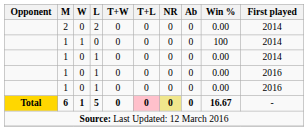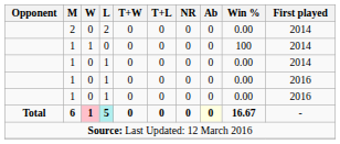 <table class="wikitable" style="text-align: center; width: 500px;">
 <tr>
 <th>Opponent</th>
 <th>M</th>
 <th>W</th>
 <th>L</th>
 <th>T+W</th>
 <th>T+L</th>
 <th>NR</th>
 <th>Ab</th>
 <th>Win %</th>
 <th>First played</th>
 </tr>
 <tr>
 <td align="left"></td>
 <td>2</td>
 <td>0</td>
 <td>2</td>
 <td>0</td>
 <td>0</td>
 <td>0</td>
 <td>0</td>
 <td>0.00</td>
 <td>2014</td>
 </tr>
 <tr>
 <td align="left"></td>
 <td>1</td>
 <td>1</td>
 <td>0</td>
 <td>0</td>
 <td>0</td>
 <td>0</td>
 <td>0</td>
 <td>100</td>
 <td>2014</td>
 </tr>
 <tr>
 <td align="left"></td>
 <td>1</td>
 <td>0</td>
 <td>1</td>
 <td>0</td>
 <td>0</td>
 <td>0</td>
 <td>0</td>
 <td>0.00</td>
 <td>2014</td>
 </tr>
 <tr>
 <td align="left"></td>
 <td>1</td>
 <td>0</td>
 <td>1</td>
 <td>0</td>
 <td>0</td>
 <td>0</td>
 <td>0</td>
 <td>0.00</td>
 <td>2016</td>
 </tr>
 <tr>
 <td align="left"></td>
 <td>1</td>
 <td>0</td>
 <td>1</td>
 <td>0</td>
 <td>0</td>
 <td>0</td>
 <td>0</td>
 <td>0.00</td>
 <td>2016</td>
 </tr>
 <tr>
-<td style="background: gold;"><strong>Total</strong></td>
+<td><strong>Total</strong></td>
 <td><strong>6</strong></td>
-<td><strong>1</strong></td>
-<td><strong>5</strong></td>
+<td style="background: pink;"><strong>1</strong></td>
+<td style="background: paleturquoise;"><strong>5</strong></td>
 <td><strong>0</strong></td>
-<td style="background: pink;"><strong>0</strong></td>
-<td style="background: khaki;"><strong>0</strong></td>
 <td><strong>0</strong></td>
+<td><strong>0</strong></td>
+<td style="background: lightyellow;"><strong>0</strong></td>
 <td><strong>16.67</strong></td>
 <td>-</td>
 </tr>
 <tr>
 <td colspan="10"><strong>Source:</strong> Last Updated: 12 March 2016</td>
 </tr>
 <tr>
 </tr>
 </table>
